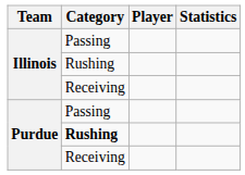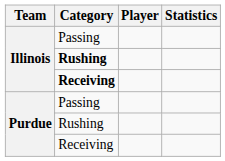 <table class="wikitable" style="float:right">
 <tr>
 <th>Team</th>
 <th>Category</th>
 <th>Player</th>
 <th>Statistics</th>
 </tr>
 <tr>
 <th rowspan=3>Illinois</th>
 <td>Passing</td>
 <td></td>
 <td></td>
 </tr>
 <tr>
-<td>Rushing</td>
+<td><strong>Rushing</strong></td>
 <td></td>
 <td></td>
 </tr>
 <tr>
-<td>Receiving</td>
+<td><strong>Receiving</strong></td>
 <td></td>
 <td></td>
 </tr>
 <tr>
 <th rowspan=3>Purdue</th>
 <td>Passing</td>
 <td></td>
 <td></td>
 </tr>
 <tr>
-<td><strong>Rushing</strong></td>
+<td>Rushing</td>
 <td></td>
 <td></td>
 </tr>
 <tr>
 <td>Receiving</td>
 <td></td>
 <td></td>
 </tr>
 </table>
